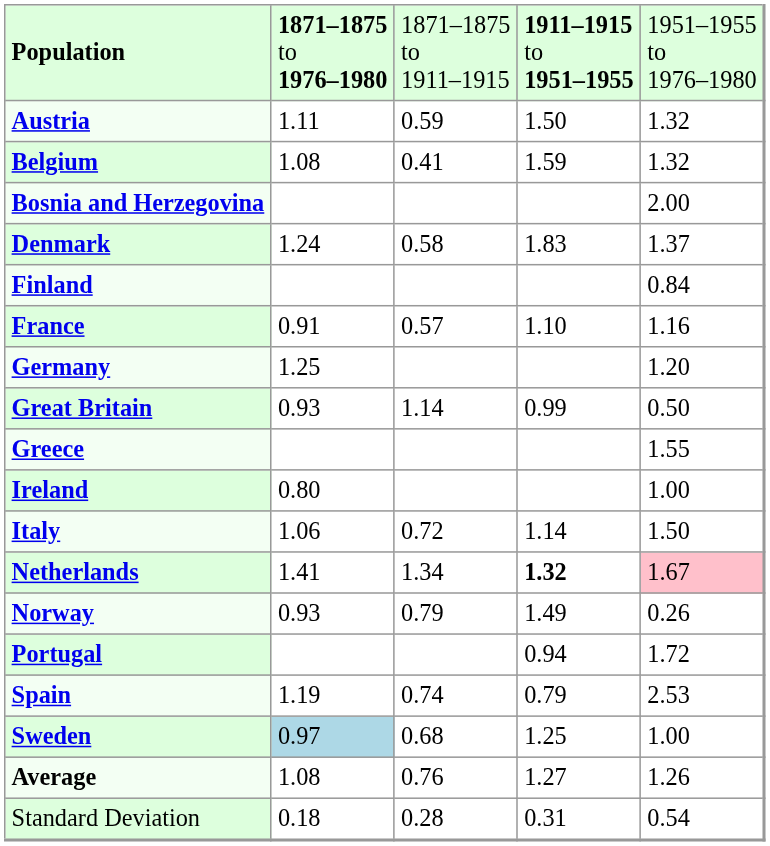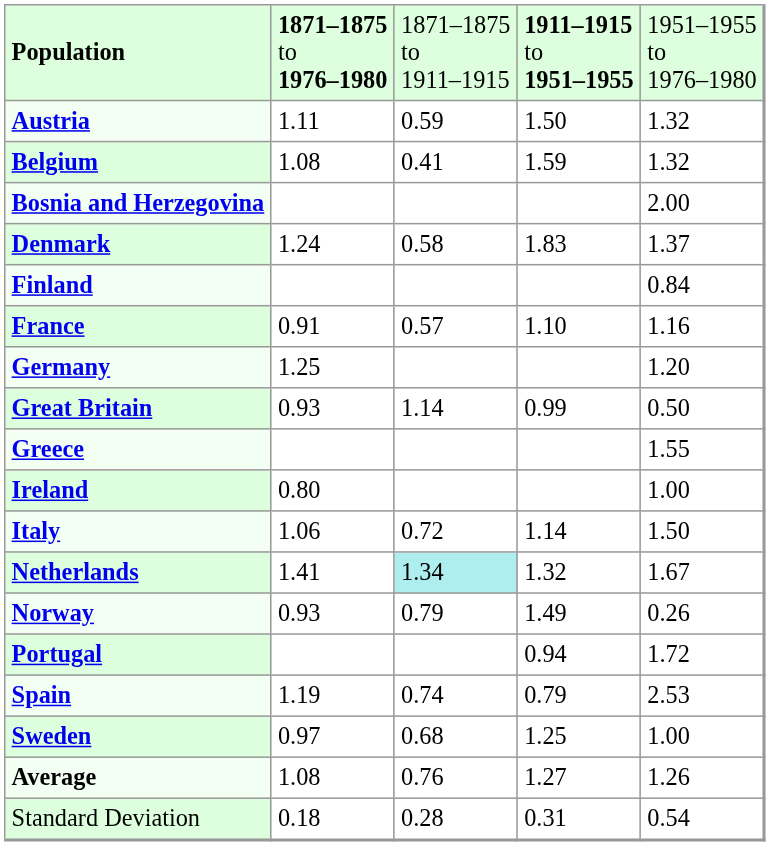 <table border="1" cellpadding="4" cellspacing="0" class="toccolours" style="align: left; margin: 0.5em 0 0 0; border-style: solid; border: 1px solid #999999; border-right-width: 2px; border-bottom-width: 2px; border-collapse: collapse; font-size: 100%;">
 <tr>
 <td style="background:#ddffdd;"><strong>Population</strong></td>
 <td style="background:#ddffdd;"><strong>1871–1875</strong><br>to<br> <strong>1976–1980</strong></td>
 <td style="background:#ddffdd;">1871–1875<br>to<br> 1911–1915</td>
 <td style="background:#ddffdd;"><strong>1911–1915</strong><br>to<br> <strong>1951–1955</strong></td>
 <td style="background:#ddffdd;">1951–1955<br>to<br> 1976–1980</td>
 </tr>
 <tr>
 <td style="background:#f3fff3;"><strong><a href='#'>Austria</a></strong></td>
 <td>1.11</td>
 <td>0.59</td>
 <td>1.50</td>
 <td>1.32</td>
 </tr>
 <tr>
 <td style="background:#ddffdd;"><strong><a href='#'>Belgium</a></strong></td>
 <td>1.08</td>
 <td>0.41</td>
 <td>1.59</td>
 <td>1.32</td>
 </tr>
 <tr>
 <td style="background:#f3fff3;"><strong><a href='#'>Bosnia and Herzegovina</a></strong></td>
 <td></td>
 <td></td>
 <td></td>
 <td>2.00</td>
 </tr>
 <tr>
 <td style="background:#ddffdd;"><strong><a href='#'>Denmark</a></strong></td>
 <td>1.24</td>
 <td>0.58</td>
 <td>1.83</td>
 <td>1.37</td>
 </tr>
 <tr>
 <td style="background:#f3fff3;"><strong><a href='#'>Finland</a></strong></td>
 <td></td>
 <td></td>
 <td></td>
 <td>0.84</td>
 </tr>
 <tr>
 <td style="background:#ddffdd;"><strong><a href='#'>France</a></strong></td>
 <td>0.91</td>
 <td>0.57</td>
 <td>1.10</td>
 <td>1.16</td>
 </tr>
 <tr>
 <td style="background:#f3fff3;"><strong><a href='#'>Germany</a></strong></td>
 <td>1.25</td>
 <td></td>
 <td></td>
 <td>1.20</td>
 </tr>
 <tr>
 <td style="background:#ddffdd;"><strong><a href='#'>Great Britain</a></strong></td>
 <td>0.93</td>
 <td>1.14</td>
 <td>0.99</td>
 <td>0.50</td>
 </tr>
 <tr>
 <td style="background:#f3fff3;"><strong><a href='#'>Greece</a></strong></td>
 <td></td>
 <td></td>
 <td></td>
 <td>1.55</td>
 </tr>
 <tr>
 <td style="background:#ddffdd;"><strong><a href='#'>Ireland</a></strong></td>
 <td>0.80</td>
 <td></td>
 <td></td>
 <td>1.00</td>
 </tr>
 <tr>
 <td style="background:#f3fff3;"><strong><a href='#'>Italy</a></strong></td>
 <td>1.06</td>
 <td>0.72</td>
 <td>1.14</td>
 <td>1.50</td>
 </tr>
 <tr>
 <td style="background:#ddffdd;"><strong><a href='#'>Netherlands</a></strong></td>
 <td>1.41</td>
-<td>1.34</td>
-<td><strong>1.32</strong></td>
-<td style="background: pink;">1.67</td>
+<td style="background: paleturquoise;">1.34</td>
+<td>1.32</td>
+<td>1.67</td>
 </tr>
 <tr>
 <td style="background:#f3fff3;"><strong><a href='#'>Norway</a></strong></td>
 <td>0.93</td>
 <td>0.79</td>
 <td>1.49</td>
 <td>0.26</td>
 </tr>
 <tr>
 <td style="background:#ddffdd;"><strong><a href='#'>Portugal</a></strong></td>
 <td></td>
 <td></td>
 <td>0.94</td>
 <td>1.72</td>
 </tr>
 <tr>
 <td style="background:#f3fff3;"><strong><a href='#'>Spain</a></strong></td>
 <td>1.19</td>
 <td>0.74</td>
 <td>0.79</td>
 <td>2.53</td>
 </tr>
 <tr>
 <td style="background:#ddffdd;"><strong><a href='#'>Sweden</a></strong></td>
-<td style="background: lightblue;">0.97</td>
+<td>0.97</td>
 <td>0.68</td>
 <td>1.25</td>
 <td>1.00</td>
 </tr>
 <tr>
 <td style="background:#f3fff3;"><strong>Average</strong></td>
 <td>1.08</td>
 <td>0.76</td>
 <td>1.27</td>
 <td>1.26</td>
 </tr>
 <tr>
 <td style="background:#ddffdd;">Standard Deviation</td>
 <td>0.18</td>
 <td>0.28</td>
 <td>0.31</td>
 <td>0.54</td>
 </tr>
 </table>
